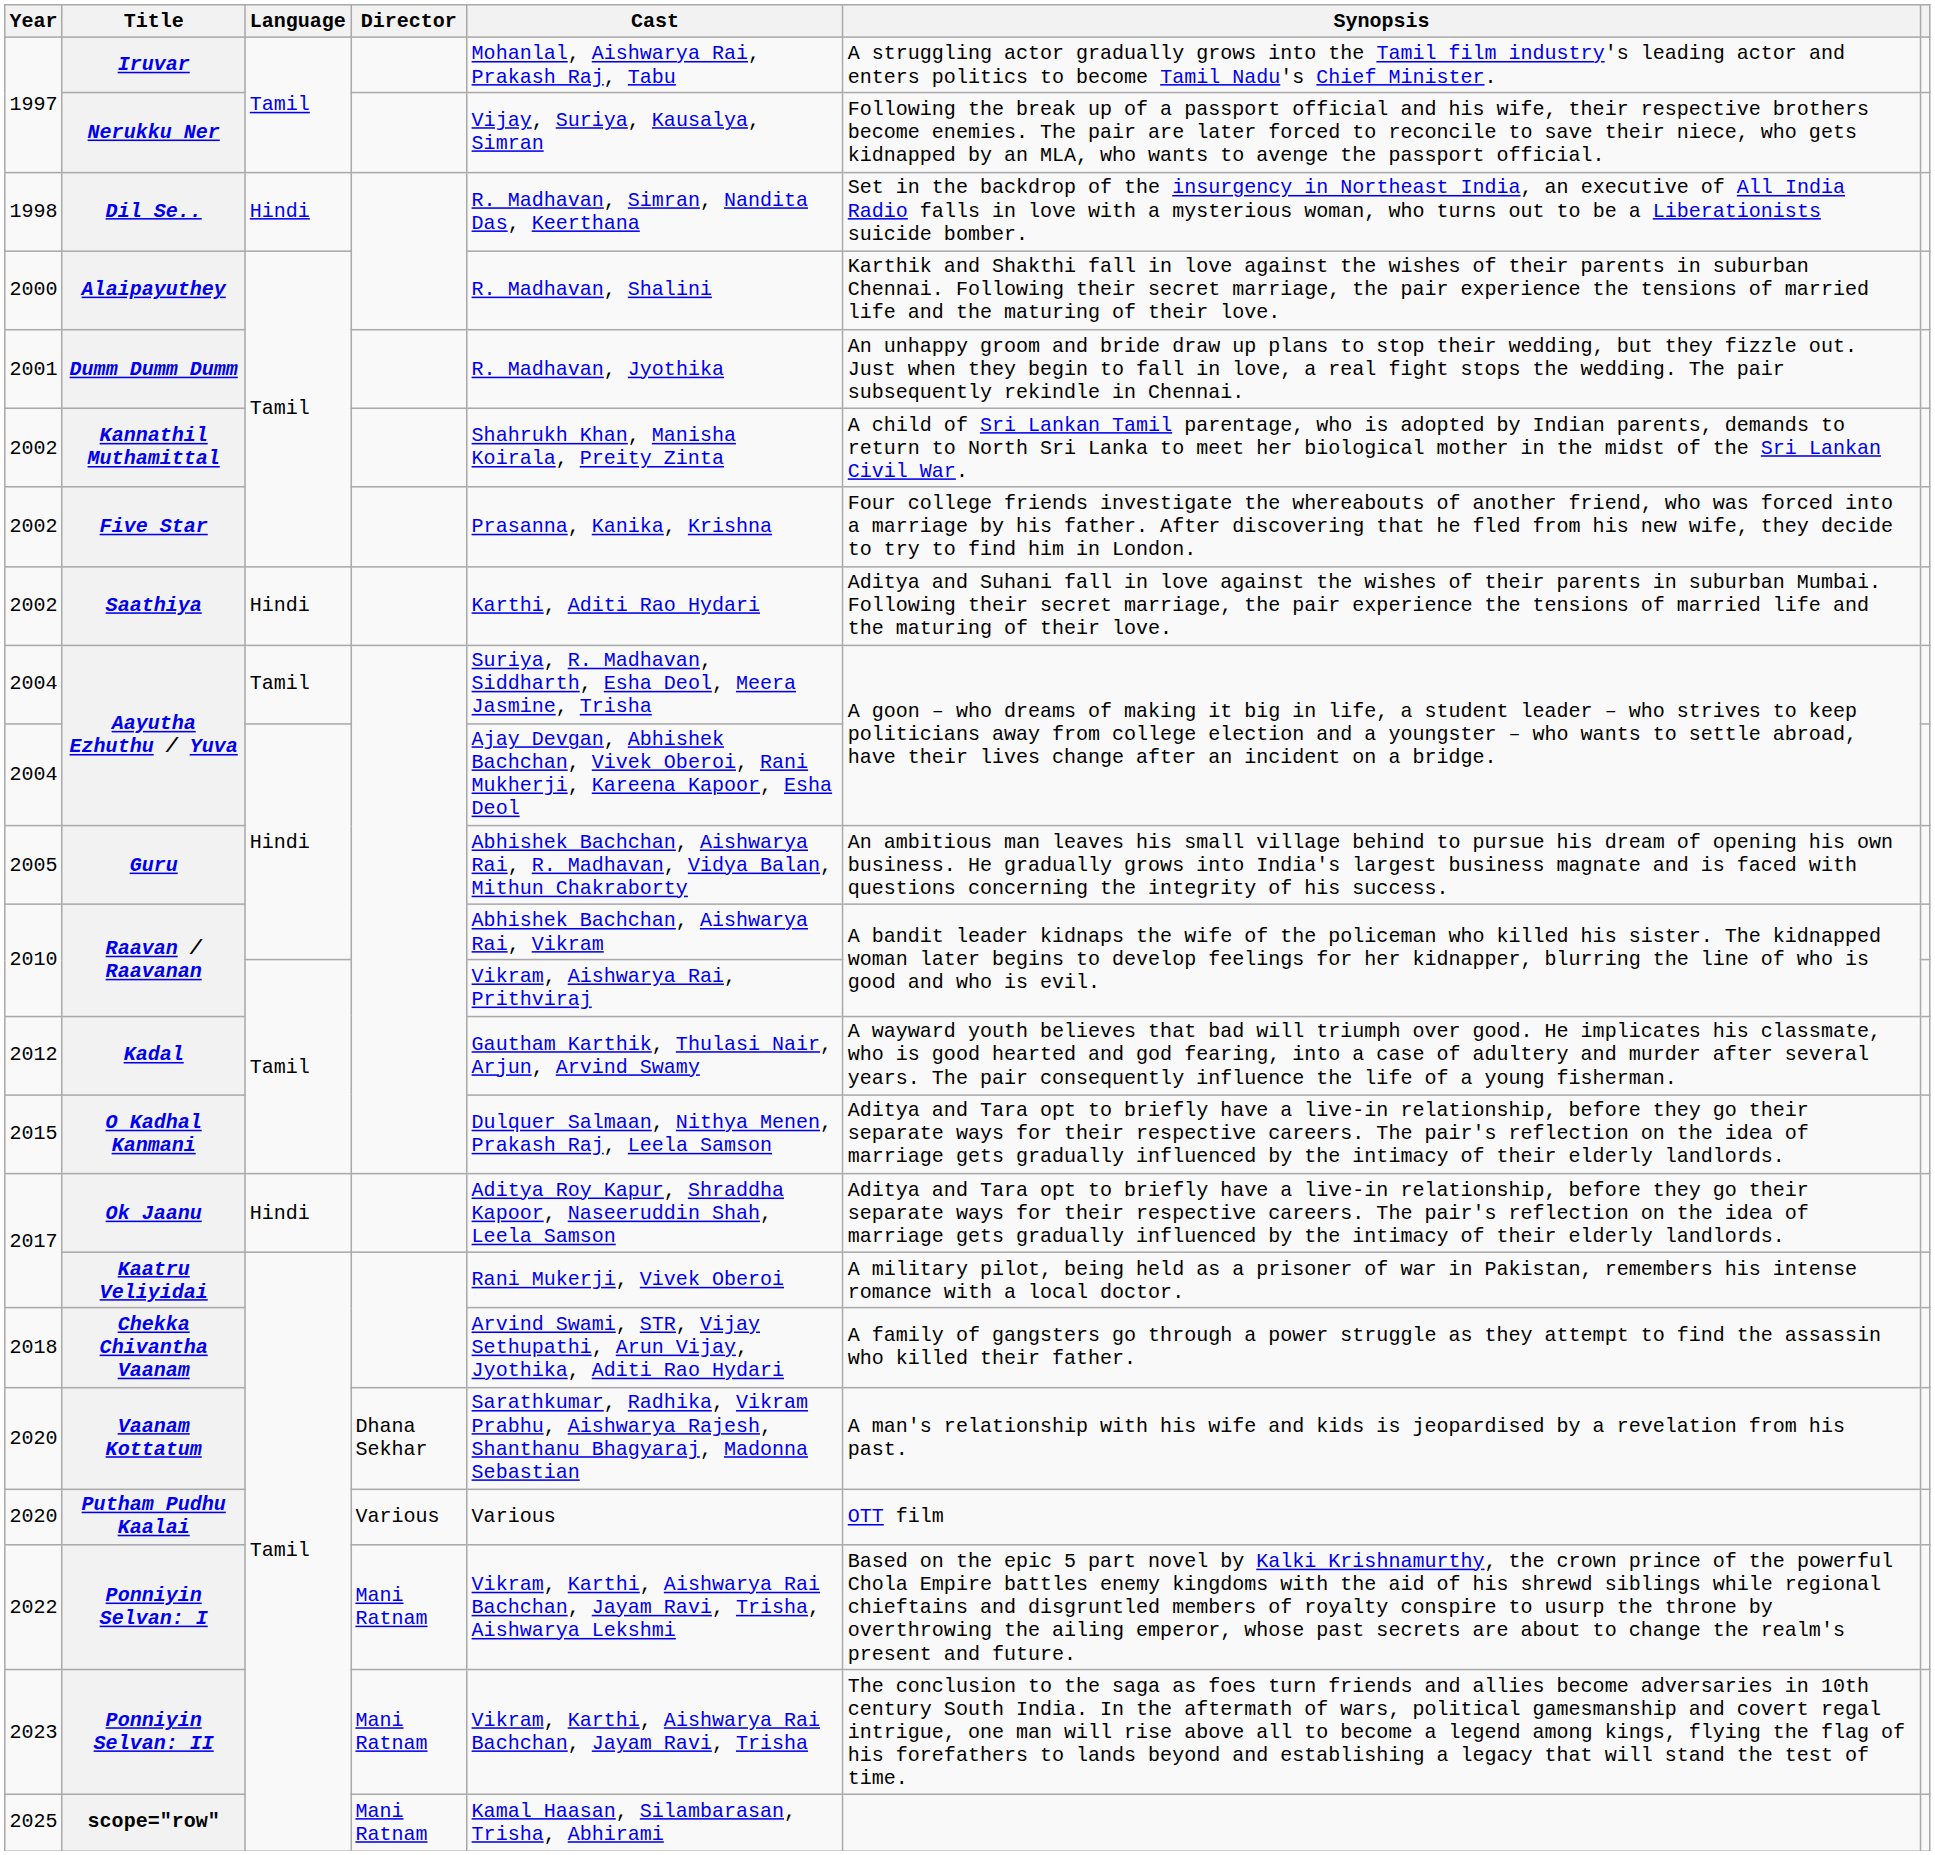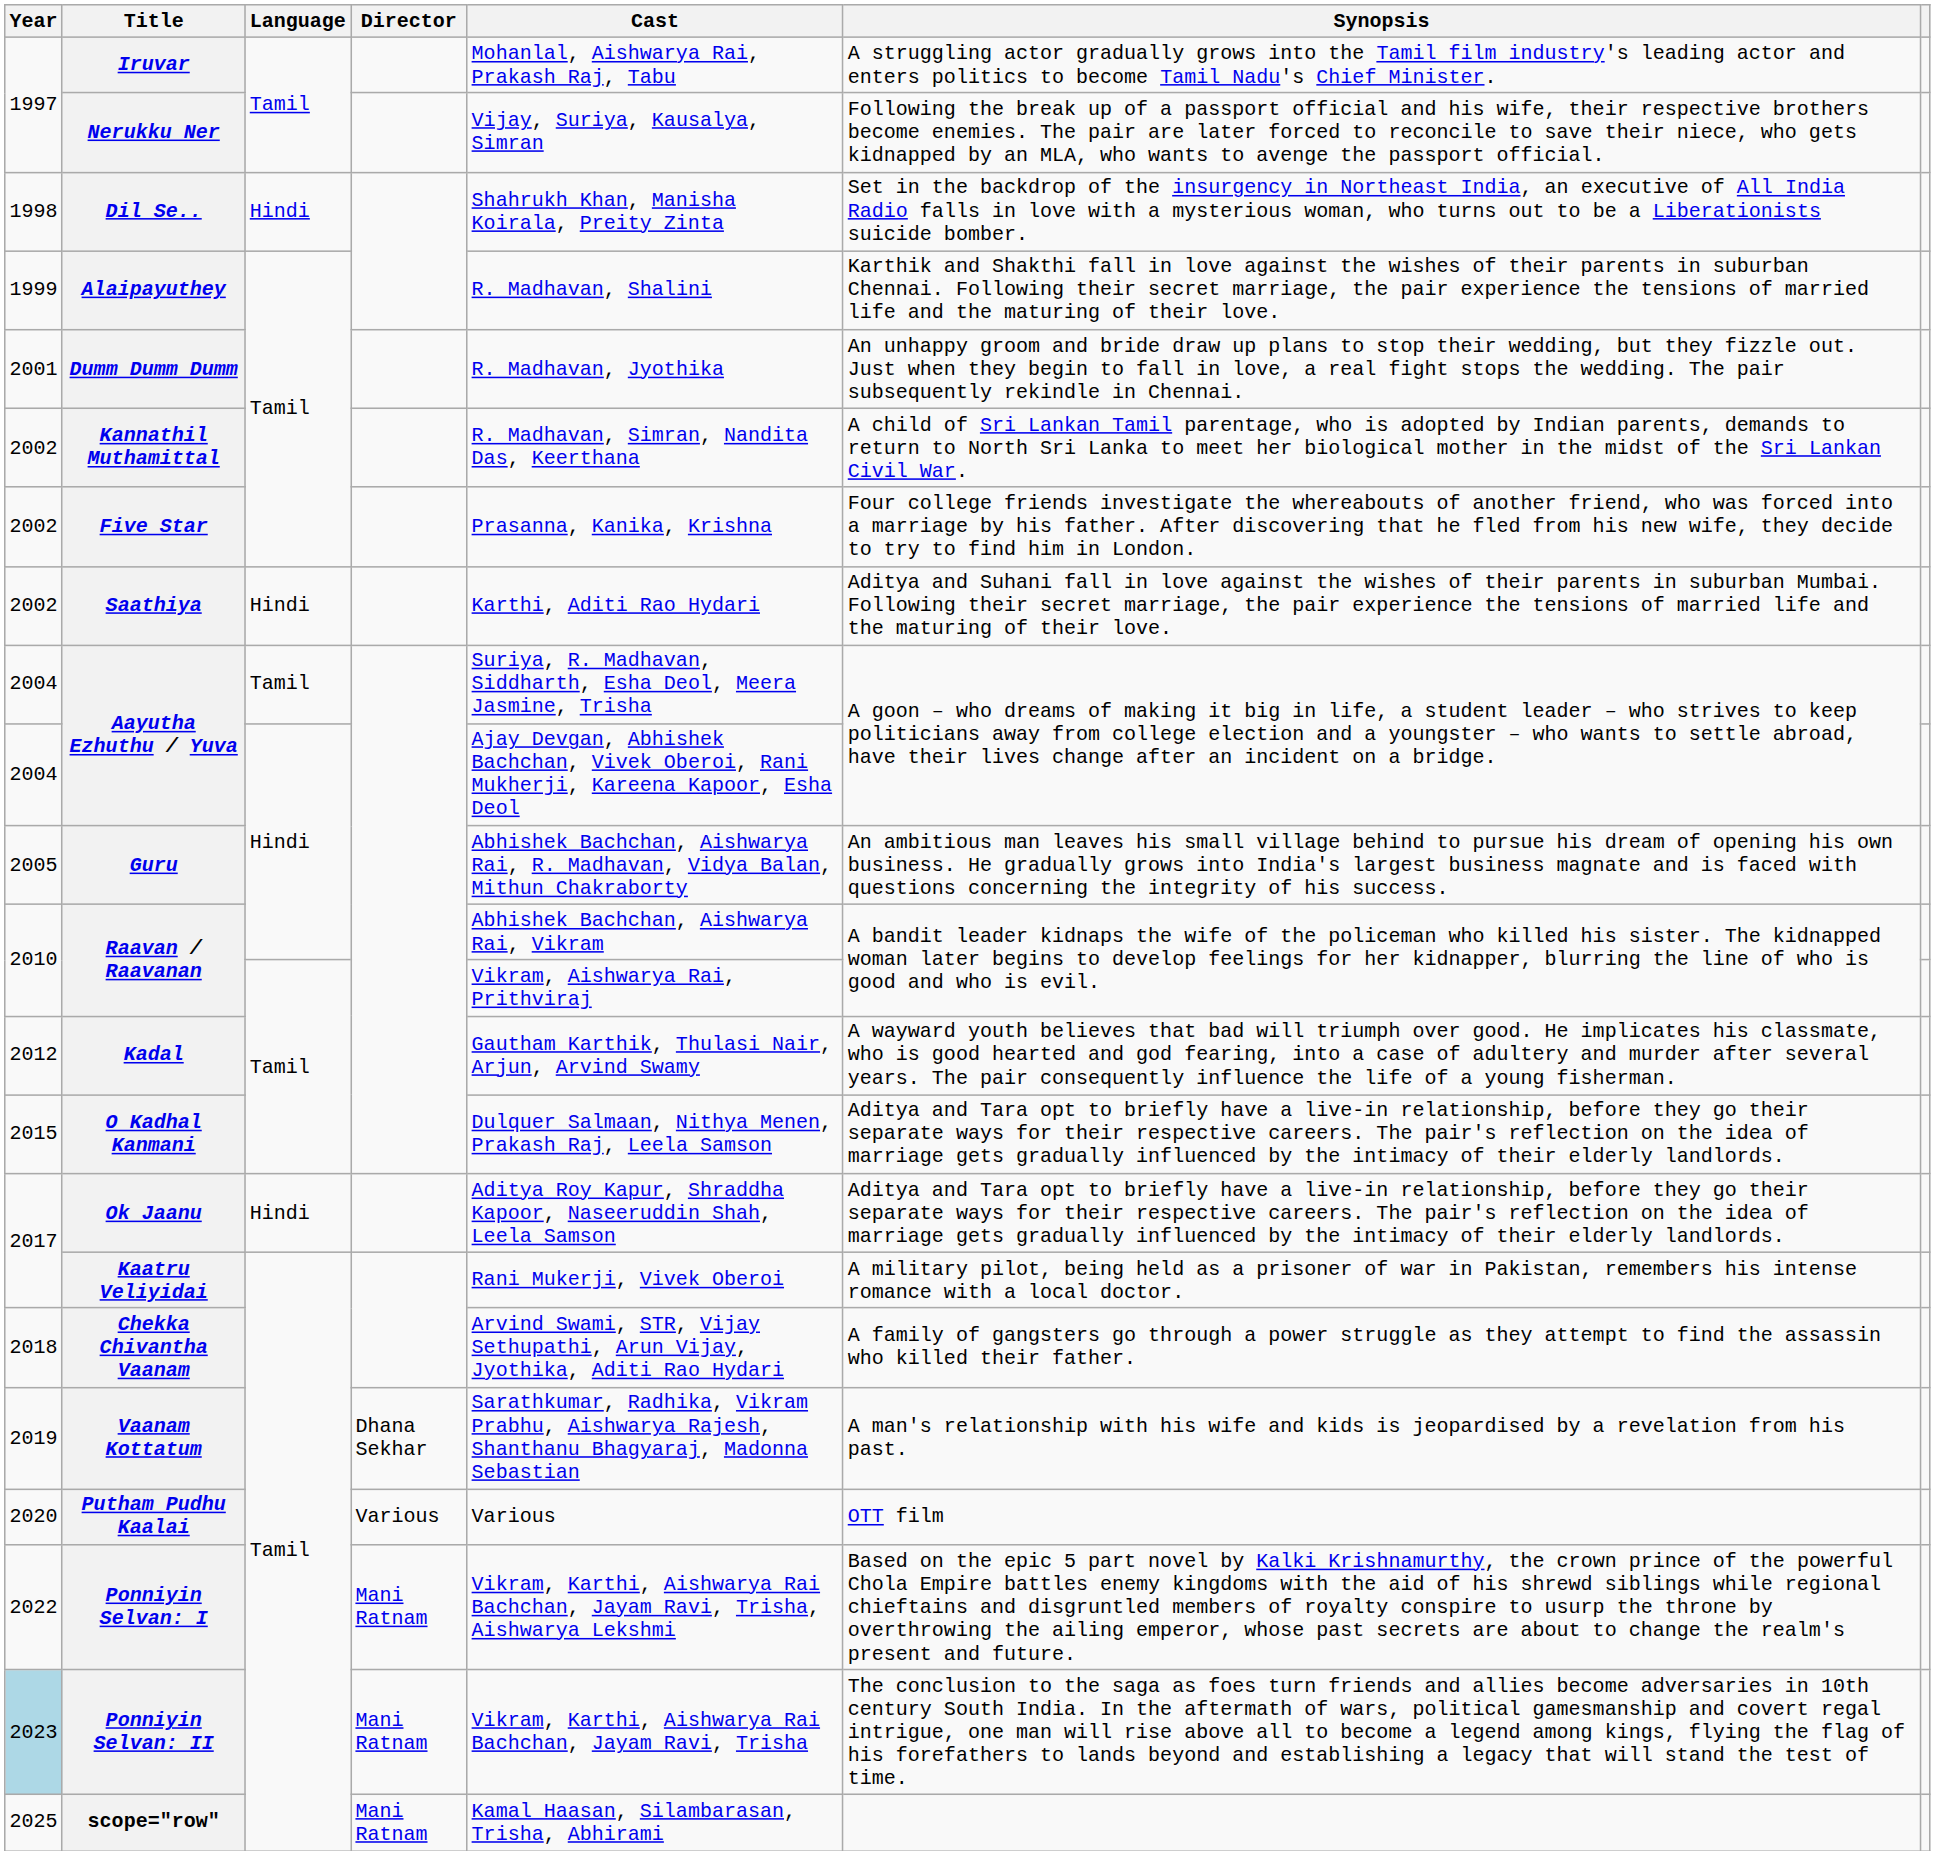 <table class="wikitable plainrowheaders sortable">
 <tr>
 <th scope="col">Year</th>
 <th scope="col">Title</th>
 <th scope="col">Language</th>
 <th scope="col">Director</th>
 <th scope="col">Cast</th>
 <th scope="col" class="unsortable">Synopsis</th>
 <th scope="col" class="unsortable"></th>
 </tr>
 <tr>
 <td rowspan="2">1997</td>
 <th scope="row"><em><a href='#'>Iruvar</a></em></th>
 <td rowspan="2"><a href='#'>Tamil</a></td>
 <td></td>
 <td><a href='#'>Mohanlal</a>, <a href='#'>Aishwarya Rai</a>, <a href='#'>Prakash Raj</a>, <a href='#'>Tabu</a></td>
 <td>A struggling actor gradually grows into the <a href='#'>Tamil film industry</a>'s leading actor and enters politics to become <a href='#'>Tamil Nadu</a>'s <a href='#'>Chief Minister</a>.</td>
 <td></td>
 </tr>
 <tr>
 <th scope="row"><em><a href='#'>Nerukku Ner</a></em></th>
 <td></td>
 <td><a href='#'>Vijay</a>, <a href='#'>Suriya</a>, <a href='#'>Kausalya</a>, <a href='#'>Simran</a></td>
 <td>Following the break up of a passport official and his wife, their respective brothers become enemies. The pair are later forced to reconcile to save their niece, who gets kidnapped by an MLA, who wants to avenge the passport official.</td>
 <td></td>
 </tr>
 <tr>
 <td>1998</td>
 <th scope="row"><em><a href='#'>Dil Se..</a></em></th>
 <td><a href='#'>Hindi</a></td>
 <td rowspan="2"></td>
-<td><a href='#'>R. Madhavan</a>, <a href='#'>Simran</a>, <a href='#'>Nandita Das</a>, <a href='#'>Keerthana</a></td>
+<td><a href='#'>Shahrukh Khan</a>, <a href='#'>Manisha Koirala</a>, <a href='#'>Preity Zinta</a></td>
 <td>Set in the backdrop of the <a href='#'>insurgency in Northeast India</a>, an executive of <a href='#'>All India Radio</a> falls in love with a mysterious woman, who turns out to be a <a href='#'>Liberationists</a> suicide bomber.</td>
 <td></td>
 </tr>
 <tr>
-<td>2000</td>
+<td>1999</td>
 <th scope="row"><em><a href='#'>Alaipayuthey</a></em></th>
 <td rowspan="4">Tamil</td>
 <td><a href='#'>R. Madhavan</a>, <a href='#'>Shalini</a></td>
 <td>Karthik and Shakthi fall in love against the wishes of their parents in suburban Chennai. Following their secret marriage, the pair experience the tensions of married life and the maturing of their love.</td>
 <td></td>
 </tr>
 <tr>
 <td>2001</td>
 <th scope="row"><em><a href='#'>Dumm Dumm Dumm</a></em></th>
 <td></td>
 <td><a href='#'>R. Madhavan</a>, <a href='#'>Jyothika</a></td>
 <td>An unhappy groom and bride draw up plans to stop their wedding, but they fizzle out. Just when they begin to fall in love, a real fight stops the wedding. The pair subsequently rekindle in Chennai.</td>
 <td></td>
 </tr>
 <tr>
 <td>2002</td>
 <th scope="row"><em><a href='#'>Kannathil Muthamittal</a></em></th>
 <td></td>
-<td><a href='#'>Shahrukh Khan</a>, <a href='#'>Manisha Koirala</a>, <a href='#'>Preity Zinta</a></td>
+<td><a href='#'>R. Madhavan</a>, <a href='#'>Simran</a>, <a href='#'>Nandita Das</a>, <a href='#'>Keerthana</a></td>
 <td>A child of <a href='#'>Sri Lankan Tamil</a> parentage, who is adopted by Indian parents, demands to return to North Sri Lanka to meet her biological mother in the midst of the <a href='#'>Sri Lankan Civil War</a>.</td>
 <td></td>
 </tr>
 <tr>
 <td>2002</td>
 <th scope="row"><em><a href='#'>Five Star</a></em></th>
 <td></td>
 <td><a href='#'>Prasanna</a>, <a href='#'>Kanika</a>, <a href='#'>Krishna</a></td>
 <td>Four college friends investigate the whereabouts of another friend, who was forced into a marriage by his father. After discovering that he fled from his new wife, they decide to try to find him in London.</td>
 <td></td>
 </tr>
 <tr>
 <td>2002</td>
 <th scope="row"><em><a href='#'>Saathiya</a></em></th>
 <td>Hindi</td>
 <td></td>
 <td><a href='#'>Karthi</a>, <a href='#'>Aditi Rao Hydari</a></td>
 <td>Aditya and Suhani fall in love against the wishes of their parents in suburban Mumbai. Following their secret marriage, the pair experience the tensions of married life and the maturing of their love.</td>
 <td></td>
 </tr>
 <tr>
 <td>2004</td>
 <th rowspan="2" scope="row"><em><a href='#'>Aayutha Ezhuthu</a> / <a href='#'>Yuva</a></em></th>
 <td>Tamil</td>
 <td rowspan="7"></td>
 <td><a href='#'>Suriya</a>, <a href='#'>R. Madhavan</a>, <a href='#'>Siddharth</a>, <a href='#'>Esha Deol</a>, <a href='#'>Meera Jasmine</a>, <a href='#'>Trisha</a></td>
 <td rowspan="2">A goon – who dreams of making it big in life, a student leader – who strives to keep politicians away from college election and a youngster – who wants to settle abroad, have their lives change after an incident on a bridge.</td>
 <td></td>
 </tr>
 <tr>
 <td>2004</td>
 <td rowspan="3">Hindi</td>
 <td><a href='#'>Ajay Devgan</a>, <a href='#'>Abhishek Bachchan</a>, <a href='#'>Vivek Oberoi</a>, <a href='#'>Rani Mukherji</a>, <a href='#'>Kareena Kapoor</a>, <a href='#'>Esha Deol</a></td>
 <td></td>
 </tr>
 <tr>
 <td>2005</td>
 <th scope="row"><em><a href='#'>Guru</a></em></th>
 <td><a href='#'>Abhishek Bachchan</a>, <a href='#'>Aishwarya Rai</a>, <a href='#'>R. Madhavan</a>, <a href='#'>Vidya Balan</a>, <a href='#'>Mithun Chakraborty</a></td>
 <td>An ambitious man leaves his small village behind to pursue his dream of opening his own business. He gradually grows into India's largest business magnate and is faced with questions concerning the integrity of his success.</td>
 <td></td>
 </tr>
 <tr>
 <td rowspan="2">2010</td>
 <th rowspan="2" scope="row"><em><a href='#'>Raavan</a> / <a href='#'>Raavanan</a></em></th>
 <td><a href='#'>Abhishek Bachchan</a>, <a href='#'>Aishwarya Rai</a>, <a href='#'>Vikram</a></td>
 <td rowspan="2">A bandit leader kidnaps the wife of the policeman who killed his sister. The kidnapped woman later begins to develop feelings for her kidnapper, blurring the line of who is good and who is evil.</td>
 <td></td>
 </tr>
 <tr>
 <td rowspan="3">Tamil</td>
 <td><a href='#'>Vikram</a>, <a href='#'>Aishwarya Rai</a>, <a href='#'>Prithviraj</a></td>
 <td></td>
 </tr>
 <tr>
 <td>2012</td>
 <th scope="row"><em><a href='#'>Kadal</a></em></th>
 <td><a href='#'>Gautham Karthik</a>, <a href='#'>Thulasi Nair</a>, <a href='#'>Arjun</a>, <a href='#'>Arvind Swamy</a></td>
 <td>A wayward youth believes that bad will triumph over good. He implicates his classmate, who is good hearted and god fearing, into a case of adultery and murder after several years. The pair consequently influence the life of a young fisherman.</td>
 <td></td>
 </tr>
 <tr>
 <td>2015</td>
 <th scope="row"><em><a href='#'>O Kadhal Kanmani</a></em></th>
 <td><a href='#'>Dulquer Salmaan</a>, <a href='#'>Nithya Menen</a>, <a href='#'>Prakash Raj</a>, <a href='#'>Leela Samson</a></td>
 <td>Aditya and Tara opt to briefly have a live-in relationship, before they go their separate ways for their respective careers. The pair's reflection on the idea of marriage gets gradually influenced by the intimacy of their elderly landlords.</td>
 <td></td>
 </tr>
 <tr>
 <td rowspan="2">2017</td>
 <th scope="row"><em><a href='#'>Ok Jaanu</a></em></th>
 <td>Hindi</td>
 <td></td>
 <td><a href='#'>Aditya Roy Kapur</a>, <a href='#'>Shraddha Kapoor</a>, <a href='#'>Naseeruddin Shah</a>, <a href='#'>Leela Samson</a></td>
 <td>Aditya and Tara opt to briefly have a live-in relationship, before they go their separate ways for their respective careers. The pair's reflection on the idea of marriage gets gradually influenced by the intimacy of their elderly landlords.</td>
 <td></td>
 </tr>
 <tr>
 <th scope="row"><em><a href='#'>Kaatru Veliyidai</a></em></th>
 <td rowspan="7">Tamil</td>
 <td rowspan="2"></td>
 <td><a href='#'>Rani Mukerji</a>, <a href='#'>Vivek Oberoi</a></td>
 <td>A military pilot, being held as a prisoner of war in Pakistan, remembers his intense romance with a local doctor.</td>
 <td></td>
 </tr>
 <tr>
 <td>2018</td>
 <th scope="row"><em><a href='#'>Chekka Chivantha Vaanam</a></em></th>
 <td><a href='#'>Arvind Swami</a>, <a href='#'>STR</a>, <a href='#'>Vijay Sethupathi</a>, <a href='#'>Arun Vijay</a>, <a href='#'>Jyothika</a>, <a href='#'>Aditi Rao Hydari</a></td>
 <td>A family of gangsters go through a power struggle as they attempt to find the assassin who killed their father.</td>
 <td></td>
 </tr>
 <tr>
-<td>2020</td>
+<td>2019</td>
 <th scope="row"><em><a href='#'>Vaanam Kottatum</a></em></th>
 <td>Dhana Sekhar</td>
 <td><a href='#'>Sarathkumar</a>, <a href='#'>Radhika</a>, <a href='#'>Vikram Prabhu</a>, <a href='#'>Aishwarya Rajesh</a>, <a href='#'>Shanthanu Bhagyaraj</a>,  <a href='#'>Madonna Sebastian</a></td>
 <td>A man's relationship with his wife and kids is jeopardised by a revelation from his past.</td>
 <td></td>
 </tr>
 <tr>
 <td>2020</td>
 <th scope="row"><em><a href='#'>Putham Pudhu Kaalai</a></em></th>
 <td>Various</td>
 <td>Various</td>
 <td><a href='#'>OTT</a> film</td>
 <td></td>
 </tr>
 <tr>
 <td>2022</td>
 <th scope="row"><em><a href='#'>Ponniyin Selvan: I</a></em></th>
 <td><a href='#'>Mani Ratnam</a></td>
 <td><a href='#'>Vikram</a>, <a href='#'>Karthi</a>, <a href='#'>Aishwarya Rai Bachchan</a>, <a href='#'>Jayam Ravi</a>, <a href='#'>Trisha</a>, <a href='#'>Aishwarya Lekshmi</a></td>
 <td>Based on the epic 5 part novel by <a href='#'>Kalki Krishnamurthy</a>, the crown prince of the powerful Chola Empire battles enemy kingdoms with the aid of his shrewd siblings while regional chieftains and disgruntled members of royalty conspire to usurp the throne by overthrowing the ailing emperor, whose past secrets are about to change the realm's present and future.</td>
 <td></td>
 </tr>
 <tr>
-<td>2023</td>
+<td style="background: lightblue;">2023</td>
 <th scope="row"><em><a href='#'>Ponniyin Selvan: II</a></em></th>
 <td><a href='#'>Mani Ratnam</a></td>
 <td><a href='#'>Vikram</a>, <a href='#'>Karthi</a>, <a href='#'>Aishwarya Rai Bachchan</a>, <a href='#'>Jayam Ravi</a>, <a href='#'>Trisha</a></td>
 <td>The conclusion to the saga as foes turn friends and allies become adversaries in 10th century South India. In the aftermath of wars, political gamesmanship and covert regal intrigue, one man will rise above all to become a legend among kings, flying the flag of his forefathers to lands beyond and establishing a legacy that will stand the test of time.</td>
 <td></td>
 </tr>
 <tr>
 <td>2025</td>
 <th>scope="row" </th>
 <td><a href='#'>Mani Ratnam</a></td>
 <td><a href='#'>Kamal Haasan</a>, <a href='#'>Silambarasan</a>, <a href='#'>Trisha</a>, <a href='#'>Abhirami</a></td>
 <td></td>
 <td></td>
 </tr>
 </table>
